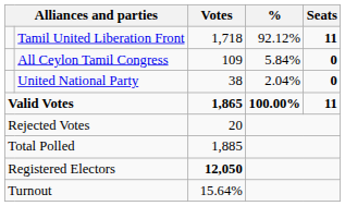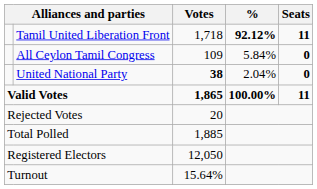 <table class="wikitable" border="1" style="text-align:right;">
 <tr>
 <th valign=bottom align=left colspan=2>Alliances and parties</th>
 <th valign=bottom align=center width="60">Votes</th>
 <th valign=bottom align=center width="50">%</th>
 <th valign=bottom align=center>Seats</th>
 </tr>
 <tr>
 <td bgcolor=> </td>
 <td align=left><a href='#'>Tamil United Liberation Front</a></td>
 <td>1,718</td>
-<td>92.12%</td>
+<td><strong>92.12%</strong></td>
 <td><strong>11</strong></td>
 </tr>
 <tr>
 <td bgcolor=> </td>
 <td align=left><a href='#'>All Ceylon Tamil Congress</a></td>
 <td>109</td>
 <td>5.84%</td>
 <td><strong>0</strong></td>
 </tr>
 <tr>
 <td bgcolor=> </td>
 <td align=left><a href='#'>United National Party</a></td>
-<td>38</td>
+<td><strong>38</strong></td>
 <td>2.04%</td>
 <td><strong>0</strong></td>
 </tr>
 <tr>
 <td colspan=2 align=left><strong>Valid Votes</strong></td>
 <td><strong>1,865</strong></td>
 <td><strong>100.00%</strong></td>
 <td><strong>11</strong></td>
 </tr>
 <tr>
 <td colspan=2 align=left>Rejected Votes</td>
 <td>20</td>
 <td colspan=2></td>
 </tr>
 <tr>
 <td colspan=2 align=left>Total Polled</td>
 <td>1,885</td>
 <td colspan=2></td>
 </tr>
 <tr>
 <td colspan=2 align=left>Registered Electors</td>
-<td><strong>12,050</strong></td>
+<td>12,050</td>
 <td colspan=2></td>
 </tr>
 <tr>
 <td colspan=2 align=left>Turnout</td>
 <td>15.64%</td>
 <td colspan=2></td>
 </tr>
 </table>
